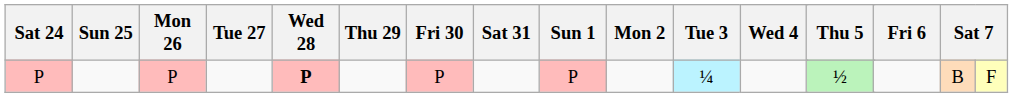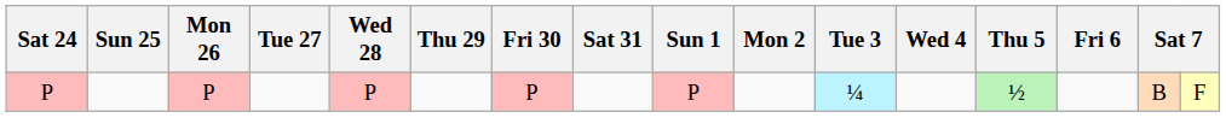 <table class="wikitable" style="margin:0.5em auto; font-size:90%; line-height:1.25em; text-align:center">
 <tr>
 <th width="45">Sat 24</th>
 <th width="45">Sun 25</th>
 <th width="45">Mon 26</th>
 <th width="45">Tue 27</th>
 <th width="45">Wed 28</th>
 <th width="45">Thu 29</th>
 <th width="45">Fri 30</th>
 <th width="45">Sat 31</th>
 <th width="45">Sun 1</th>
 <th width="45">Mon 2</th>
 <th width="45" colspan="2">Tue 3</th>
 <th width="45" colspan="2">Wed 4</th>
 <th width="45" colspan="2">Thu 5</th>
 <th width="45">Fri 6</th>
 <th width="45" colspan="2">Sat 7</th>
 </tr>
 <tr>
 <td bgcolor="#FFBBBB">P</td>
 <td></td>
 <td bgcolor="#FFBBBB">P</td>
 <td></td>
-<td bgcolor="#FFBBBB"><strong>P</strong></td>
+<td bgcolor="#FFBBBB">P</td>
 <td></td>
 <td bgcolor="#FFBBBB">P</td>
 <td></td>
 <td bgcolor="#FFBBBB">P</td>
 <td></td>
 <td bgcolor="#BBF3FF" colspan="2">¼</td>
 <td colspan="2"></td>
 <td bgcolor="#BBF3BB" colspan="2">½</td>
 <td></td>
 <td bgcolor="#FEDCBA">B</td>
 <td bgcolor="#FFFFBB">F</td>
 </tr>
 </table>
